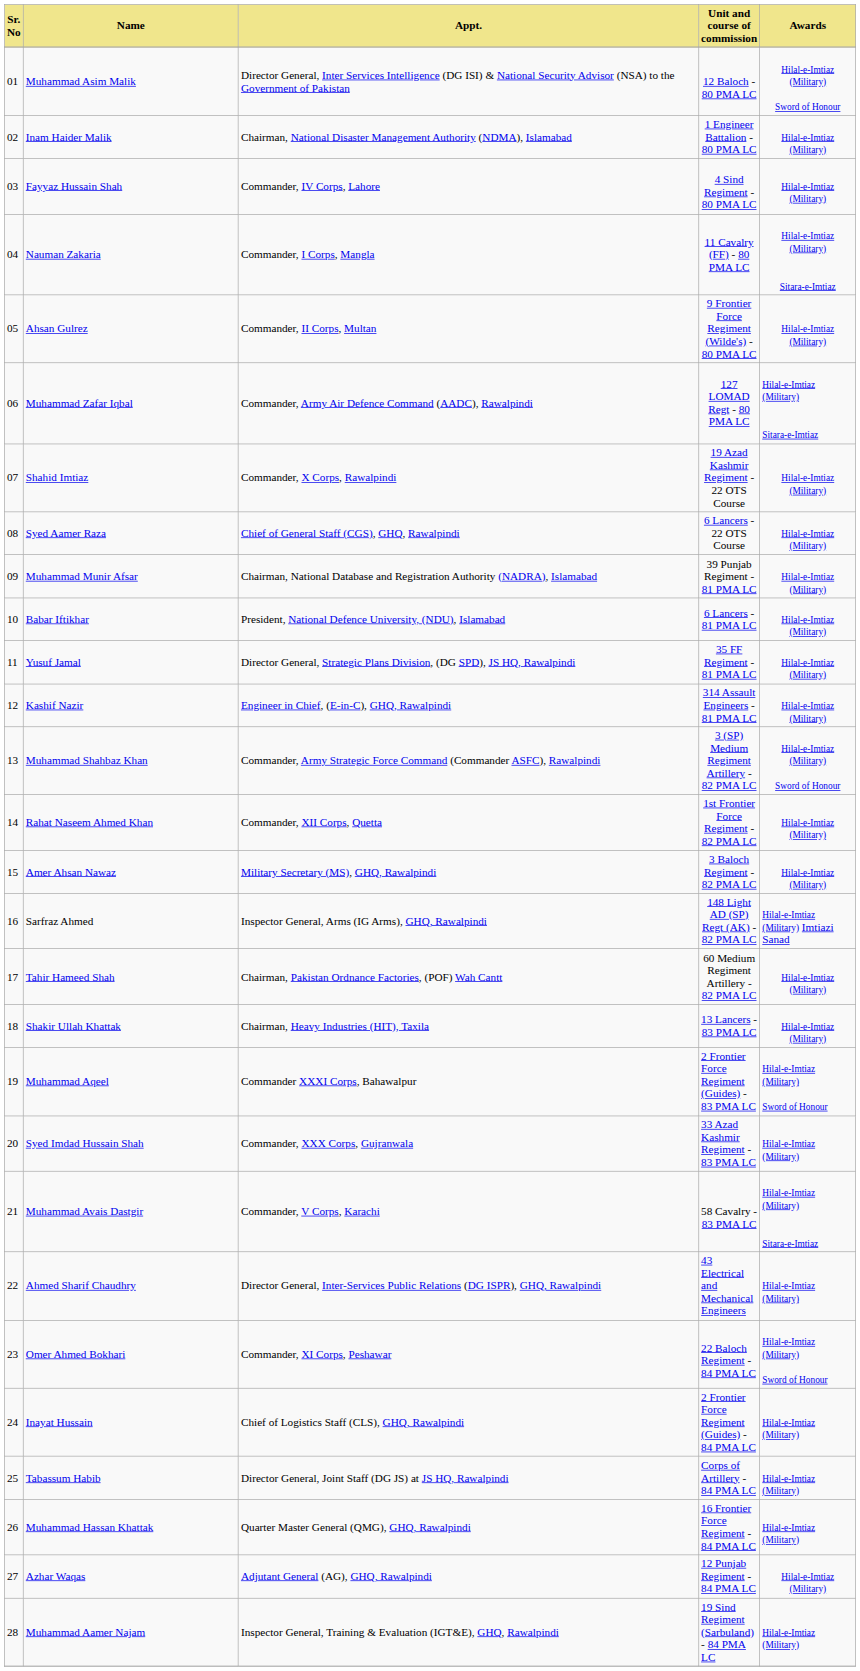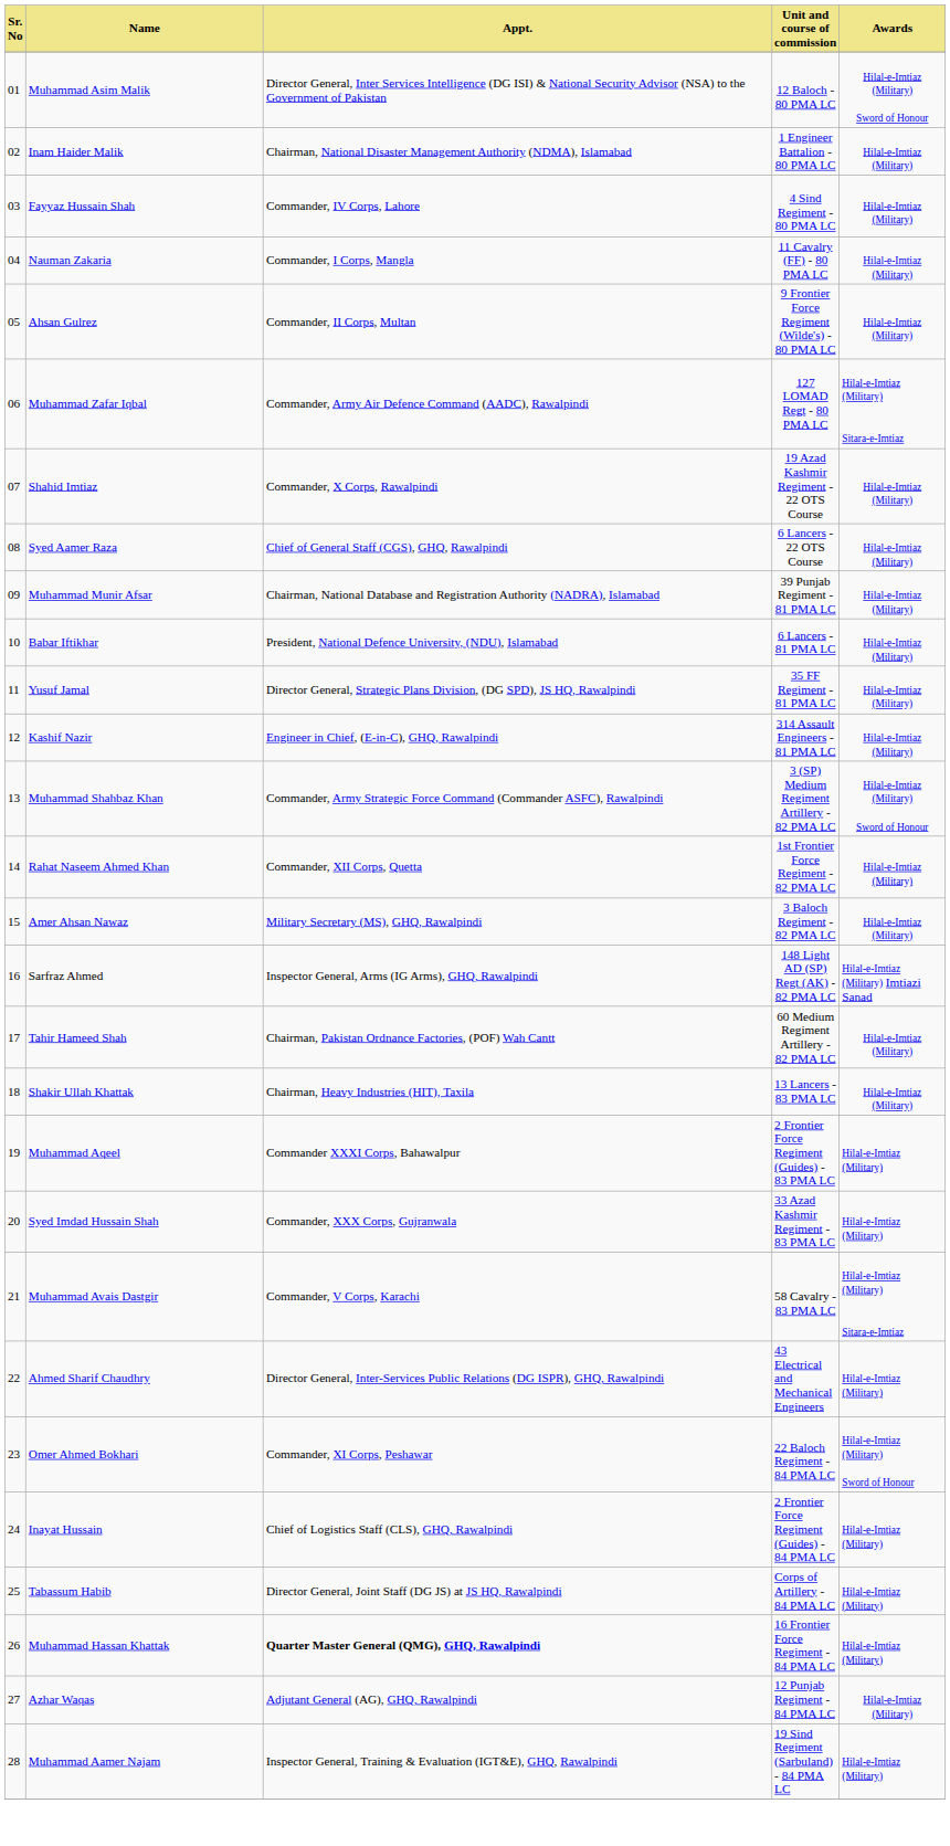 <table class="wikitable sortable">
 <tr>
 <th style="background:#F0E68C; text-align:center" width="10">Sr. No</th>
 <th style="background:#F0E68C; text-align:center" width="300">Name</th>
 <th style="background:#F0E68C; text-align:center" width="650">Appt.</th>
 <th style="background:#F0E68C; text-align:center" width="50">Unit and course of commission</th>
 <th style="background:#F0E68C; text-align:center" width="130">Awards</th>
 </tr>
 <tr>
 </tr>
 <tr>
 <td>01</td>
 <td><a href='#'>Muhammad Asim Malik</a></td>
 <td>Director General, <a href='#'>Inter Services Intelligence</a> (DG ISI) & <a href='#'>National Security Advisor</a> (NSA) to the <a href='#'>Government of Pakistan</a></td>
 <td style="text-align:center"><br><a href='#'>12 Baloch</a> - <a href='#'>80 PMA LC</a></td>
 <td style="text-align:center"> <br><a href='#'><small>Hilal-e-Imtiaz (Military)</small></a><br> <br><a href='#'><small>Sword of Honour</small></a></td>
 </tr>
 <tr>
 <td>02</td>
 <td><a href='#'>Inam Haider Malik</a></td>
 <td>Chairman, <a href='#'>National Disaster Management Authority</a> (<a href='#'>NDMA</a>), <a href='#'>Islamabad</a></td>
 <td style="text-align:center"><a href='#'>1 Engineer Battalion</a> - <a href='#'>80 PMA LC</a></td>
 <td style="text-align:center"> <br><a href='#'><small>Hilal-e-Imtiaz (Military)</small></a></td>
 </tr>
 <tr>
 <td>03</td>
 <td><a href='#'>Fayyaz Hussain Shah</a></td>
 <td>Commander, <a href='#'>IV Corps</a>, <a href='#'>Lahore</a></td>
 <td style="text-align:center"><br><a href='#'>4 Sind Regiment</a> - <a href='#'>80 PMA LC</a></td>
 <td style="text-align:center"> <br><a href='#'><small>Hilal-e-Imtiaz (Military)</small></a></td>
 </tr>
 <tr>
 <td>04</td>
 <td><a href='#'>Nauman Zakaria</a></td>
 <td>Commander, <a href='#'>I Corps</a>, <a href='#'>Mangla</a></td>
 <td style="text-align:center"><a href='#'>11 Cavalry (FF)</a> - <a href='#'>80 PMA LC</a></td>
-<td style="text-align:center"> <br><a href='#'><small>Hilal-e-Imtiaz (Military)</small></a><br><br>  <br> <a href='#'><small>Sitara-e-Imtiaz </small></a></td>
+<td style="text-align:center"> <br><a href='#'><small>Hilal-e-Imtiaz (Military)</small></a></td>
 </tr>
 <tr>
 <td>05</td>
 <td><a href='#'>Ahsan Gulrez</a></td>
 <td>Commander, <a href='#'>II Corps</a>, <a href='#'>Multan</a></td>
 <td style="text-align:center"><a href='#'>9 Frontier Force Regiment (Wilde's)</a> - <a href='#'>80 PMA LC</a></td>
 <td style="text-align:center"> <br><a href='#'><small>Hilal-e-Imtiaz (Military)</small></a></td>
 </tr>
 <tr>
 <td>06</td>
 <td><a href='#'>Muhammad Zafar Iqbal</a></td>
 <td>Commander, <a href='#'>Army Air Defence Command</a> (<a href='#'>AADC</a>), <a href='#'>Rawalpindi</a></td>
 <td style="text-align:center"><a href='#'>127 LOMAD Regt</a> - <a href='#'>80 PMA LC</a></td>
 <td> <br><a href='#'><small>Hilal-e-Imtiaz (Military)</small></a><br><br>  <br> <a href='#'><small>Sitara-e-Imtiaz </small></a></td>
 </tr>
 <tr>
 <td>07</td>
 <td><a href='#'>Shahid Imtiaz</a></td>
 <td>Commander, <a href='#'>X Corps</a>, <a href='#'>Rawalpindi</a></td>
 <td style="text-align:center"><a href='#'>19 Azad Kashmir Regiment</a> - 22 OTS Course</td>
 <td style="text-align:center"> <br><a href='#'><small>Hilal-e-Imtiaz (Military)</small></a></td>
 </tr>
 <tr>
 <td>08</td>
 <td><a href='#'>Syed Aamer Raza</a></td>
 <td><a href='#'>Chief of General Staff (CGS)</a>, <a href='#'>GHQ</a>, <a href='#'>Rawalpindi</a></td>
 <td style="text-align:center"><a href='#'>6 Lancers</a> - 22 OTS Course</td>
 <td style="text-align:center"> <br><a href='#'><small>Hilal-e-Imtiaz (Military)</small></a></td>
 </tr>
 <tr>
 <td>09</td>
 <td><a href='#'>Muhammad Munir Afsar</a></td>
 <td>Chairman, National Database and Registration Authority <a href='#'>(NADRA)</a>, <a href='#'>Islamabad</a></td>
 <td style="text-align:center">39 Punjab Regiment  - <a href='#'>81 PMA LC</a></td>
 <td style="text-align:center"> <br><a href='#'><small>Hilal-e-Imtiaz (Military)</small></a></td>
 </tr>
 <tr>
 <td>10</td>
 <td><a href='#'>Babar Iftikhar</a></td>
 <td>President, <a href='#'>National Defence University, (NDU)</a>, <a href='#'>Islamabad</a></td>
 <td style="text-align:center"><a href='#'>6 Lancers</a> - <a href='#'>81 PMA LC</a></td>
 <td style="text-align:center"> <br><a href='#'><small>Hilal-e-Imtiaz (Military)</small></a></td>
 </tr>
 <tr>
 <td>11</td>
 <td><a href='#'>Yusuf Jamal</a></td>
 <td>Director General, <a href='#'>Strategic Plans Division</a>, (DG <a href='#'>SPD</a>), <a href='#'>JS HQ, Rawalpindi</a></td>
 <td style="text-align:center"><a href='#'>35 FF Regiment</a> - <a href='#'>81 PMA LC</a></td>
 <td style="text-align:center"> <br><a href='#'><small>Hilal-e-Imtiaz (Military)</small></a></td>
 </tr>
 <tr>
 <td>12</td>
 <td><a href='#'>Kashif Nazir</a></td>
 <td><a href='#'>Engineer in Chief</a>, (<a href='#'>E-in-C</a>), <a href='#'>GHQ, Rawalpindi</a></td>
 <td style="text-align:center"><a href='#'>314 Assault Engineers</a> - <a href='#'>81 PMA LC</a></td>
 <td style="text-align:center"> <br><a href='#'><small>Hilal-e-Imtiaz (Military)</small></a></td>
 </tr>
 <tr>
 <td>13</td>
 <td><a href='#'>Muhammad Shahbaz Khan</a></td>
 <td>Commander, <a href='#'>Army Strategic Force Command</a> (Commander <a href='#'>ASFC</a>), <a href='#'>Rawalpindi</a></td>
 <td style="text-align:center"><a href='#'>3 (SP) Medium Regiment Artillery</a> - <a href='#'>82 PMA LC</a></td>
 <td style="text-align:center"> <br><a href='#'><small>Hilal-e-Imtiaz (Military)</small></a><br> <br><a href='#'><small>Sword of Honour</small></a></td>
 </tr>
 <tr>
 <td>14</td>
 <td><a href='#'>Rahat Naseem Ahmed Khan</a></td>
 <td>Commander, <a href='#'>XII Corps</a>, <a href='#'>Quetta</a></td>
 <td style="text-align:center"><a href='#'>1st Frontier Force Regiment</a> - <a href='#'>82 PMA LC</a></td>
 <td style="text-align:center"> <br><a href='#'><small>Hilal-e-Imtiaz (Military)</small></a><br></td>
 </tr>
 <tr>
 <td>15</td>
 <td><a href='#'>Amer Ahsan Nawaz</a></td>
 <td><a href='#'>Military Secretary (MS)</a>, <a href='#'>GHQ, Rawalpindi</a></td>
 <td style="text-align:center"><a href='#'>3 Baloch Regiment</a> -  <a href='#'>82 PMA LC</a></td>
 <td style="text-align:center"> <br><a href='#'><small>Hilal-e-Imtiaz (Military)</small></a></td>
 </tr>
 <tr>
 <td>16</td>
 <td>Sarfraz Ahmed</td>
 <td>Inspector General, Arms (IG Arms), <a href='#'>GHQ, Rawalpindi</a></td>
 <td style="text-align:center"><a href='#'>148 Light AD (SP) Regt (AK)</a> -  <a href='#'>82 PMA LC</a></td>
 <td><br><a href='#'><small>Hilal-e-Imtiaz (Military)</small></a>   <a href='#'>Imtiazi Sanad</a></td>
 </tr>
 <tr>
 <td>17</td>
 <td><a href='#'>Tahir Hameed Shah</a></td>
 <td>Chairman, <a href='#'>Pakistan Ordnance Factories</a>, (POF) <a href='#'>Wah Cantt</a></td>
 <td style="text-align:center">60 Medium Regiment Artillery - <a href='#'>82 PMA LC</a></td>
 <td style="text-align:center"> <br><a href='#'><small>Hilal-e-Imtiaz (Military)</small></a></td>
 </tr>
 <tr>
 <td>18</td>
 <td><a href='#'>Shakir Ullah Khattak</a></td>
 <td>Chairman, <a href='#'>Heavy Industries (HIT), Taxila</a></td>
 <td style="text-align:center"><a href='#'>13 Lancers</a> - <a href='#'>83 PMA LC</a></td>
 <td style="text-align:center"> <br><a href='#'><small>Hilal-e-Imtiaz (Military)</small></a></td>
 </tr>
 <tr>
 <td>19</td>
 <td><a href='#'>Muhammad Aqeel</a></td>
 <td>Commander <a href='#'>XXXI Corps</a>, Bahawalpur</td>
 <td><a href='#'>2 Frontier Force Regiment (Guides)</a> - <a href='#'>83 PMA LC</a></td>
-<td> <br><a href='#'><small>Hilal-e-Imtiaz (Military)</small></a><br> <br><a href='#'><small>Sword of Honour</small></a></td>
+<td> <br><a href='#'><small>Hilal-e-Imtiaz (Military)</small></a></td>
 </tr>
 <tr>
 <td>20</td>
 <td><a href='#'>Syed Imdad Hussain Shah</a></td>
 <td>Commander, <a href='#'>XXX Corps</a>, <a href='#'>Gujranwala</a></td>
 <td><a href='#'>33 Azad Kashmir Regiment</a> - <a href='#'>83 PMA LC</a></td>
 <td> <br><a href='#'><small>Hilal-e-Imtiaz (Military)</small></a></td>
 </tr>
 <tr>
 <td>21</td>
 <td><a href='#'>Muhammad Avais Dastgir</a></td>
 <td>Commander, <a href='#'>V Corps</a>, <a href='#'>Karachi</a></td>
 <td style="text-align:center"><br>58 Cavalry - <a href='#'>83 PMA LC</a></td>
 <td> <br><a href='#'><small>Hilal-e-Imtiaz (Military)</small></a><br><br>  <br> <a href='#'><small>Sitara-e-Imtiaz </small></a></td>
 </tr>
 <tr>
 <td>22</td>
 <td><a href='#'>Ahmed Sharif Chaudhry</a></td>
 <td>Director General, <a href='#'>Inter-Services Public Relations</a> (<a href='#'>DG ISPR</a>), <a href='#'>GHQ, Rawalpindi</a></td>
 <td><a href='#'>43 Electrical and Mechanical Engineers</a></td>
 <td> <br><a href='#'><small>Hilal-e-Imtiaz (Military)</small></a></td>
 </tr>
 <tr>
 <td>23</td>
 <td><a href='#'>Omer Ahmed Bokhari</a></td>
 <td>Commander, <a href='#'>XI Corps</a>, <a href='#'>Peshawar</a></td>
 <td><br><a href='#'>22 Baloch Regiment</a> - <a href='#'>84 PMA LC</a></td>
 <td> <br><a href='#'><small>Hilal-e-Imtiaz (Military)</small></a><br> <br><a href='#'><small>Sword of Honour</small></a></td>
 </tr>
 <tr>
 <td>24</td>
 <td><a href='#'>Inayat Hussain</a></td>
 <td>Chief of Logistics Staff (CLS), <a href='#'>GHQ, Rawalpindi</a></td>
 <td><a href='#'>2 Frontier Force Regiment (Guides)</a> - <a href='#'>84 PMA LC</a></td>
 <td> <br><a href='#'><small>Hilal-e-Imtiaz (Military)</small></a><br></td>
 </tr>
 <tr>
 <td>25</td>
 <td><a href='#'>Tabassum Habib</a></td>
 <td>Director General, Joint Staff (DG JS) at <a href='#'>JS HQ, Rawalpindi</a></td>
 <td><a href='#'>Corps of Artillery</a> - <a href='#'>84 PMA LC</a></td>
 <td> <br><small><a href='#'>Hilal-e-Imtiaz (Military)</a></small></td>
 </tr>
 <tr>
 <td>26</td>
 <td><a href='#'>Muhammad Hassan Khattak</a></td>
-<td>Quarter Master General (QMG), <a href='#'>GHQ, Rawalpindi</a></td>
+<td><strong>Quarter Master General (QMG), <a href='#'>GHQ, Rawalpindi</a></strong></td>
 <td><a href='#'>16 Frontier Force Regiment</a> - <a href='#'>84 PMA LC</a></td>
 <td> <br><small><a href='#'>Hilal-e-Imtiaz (Military)</a></small></td>
 </tr>
 <tr>
 <td>27</td>
 <td><a href='#'>Azhar Waqas</a></td>
 <td><a href='#'>Adjutant General</a> (AG), <a href='#'>GHQ, Rawalpindi</a></td>
 <td><a href='#'>12 Punjab Regiment</a> - <a href='#'>84 PMA LC</a></td>
 <td style="text-align:center"> <br><a href='#'><small>Hilal-e-Imtiaz (Military)</small></a></td>
 </tr>
 <tr>
 <td>28</td>
 <td><a href='#'>Muhammad Aamer Najam</a></td>
 <td>Inspector General, Training & Evaluation (IGT&E), <a href='#'>GHQ</a>, <a href='#'>Rawalpindi</a></td>
 <td><a href='#'>19 Sind Regiment (Sarbuland)</a> - <a href='#'>84 PMA LC</a></td>
 <td><br><a href='#'><small>Hilal-e-Imtiaz (Military)</small></a></td>
 </tr>
 <tr>
 </tr>
 </table>
